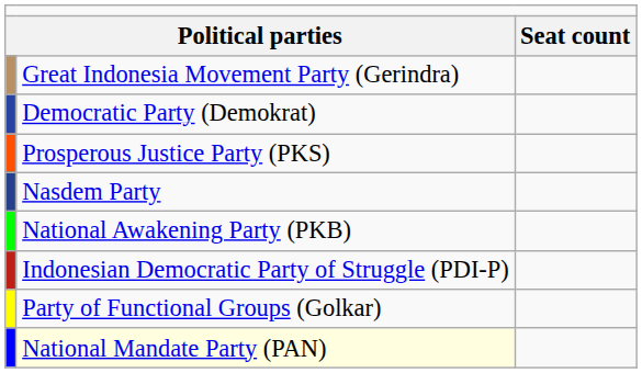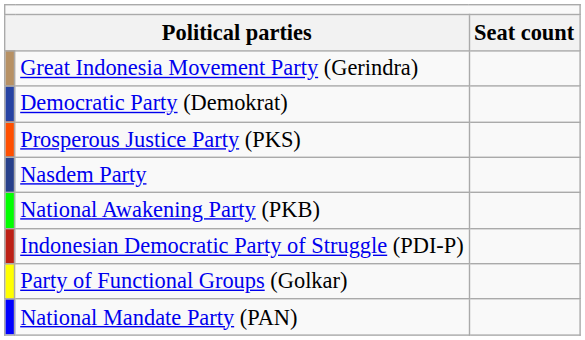 <table class="wikitable">
 <tr>
 <td colspan="4"></td>
 </tr>
 <tr>
 <th colspan="2">Political parties</th>
 <th>Seat count</th>
 </tr>
 <tr>
 <td bgcolor=#B79164></td>
 <td><a href='#'>Great Indonesia Movement Party</a> (Gerindra)</td>
 <td></td>
 </tr>
 <tr>
 <td bgcolor=#2643A3></td>
 <td><a href='#'>Democratic Party</a> (Demokrat)</td>
 <td></td>
 </tr>
 <tr>
 <td bgcolor=#FF4F00></td>
 <td><a href='#'>Prosperous Justice Party</a> (PKS)</td>
 <td></td>
 </tr>
 <tr>
 <td bgcolor=#27408B></td>
 <td><a href='#'>Nasdem Party</a></td>
 <td></td>
 </tr>
 <tr>
 <td bgcolor=#00FF00></td>
 <td><a href='#'>National Awakening Party</a> (PKB)</td>
 <td></td>
 </tr>
 <tr>
 <td bgcolor=#BD2016></td>
 <td><a href='#'>Indonesian Democratic Party of Struggle</a> (PDI-P)</td>
 <td></td>
 </tr>
 <tr>
 <td bgcolor=#FFFF00></td>
 <td><a href='#'>Party of Functional Groups</a> (Golkar)</td>
 <td></td>
 </tr>
 <tr>
 <td bgcolor=#0000FF></td>
-<td style="background: lightyellow;"><a href='#'>National Mandate Party</a> (PAN)</td>
+<td><a href='#'>National Mandate Party</a> (PAN)</td>
 <td></td>
 </tr>
 </table>
